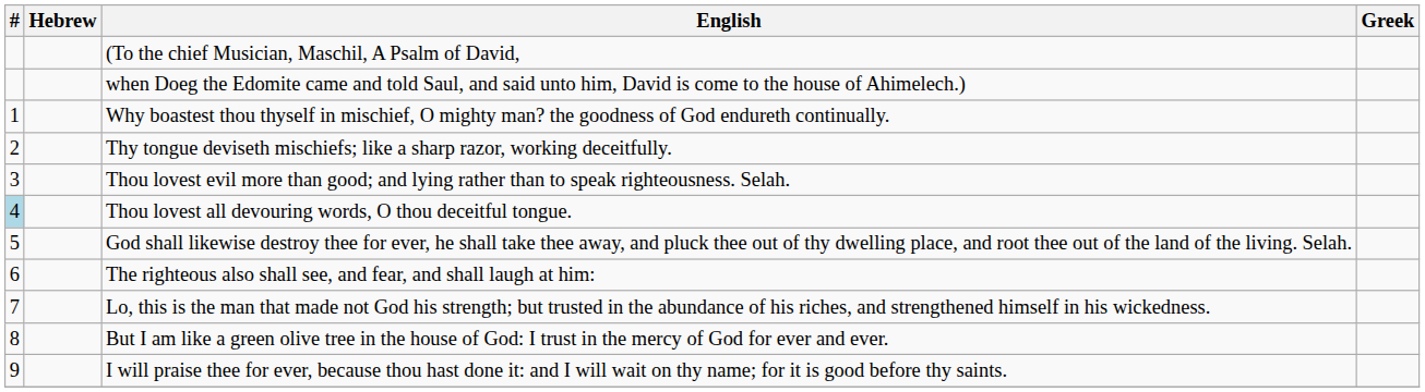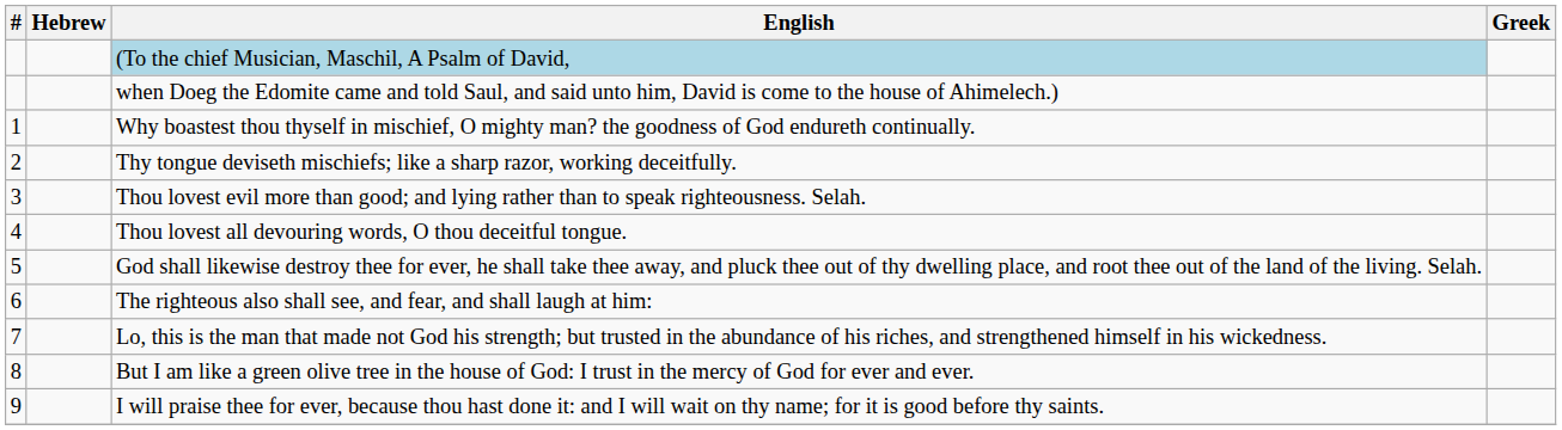 <table class=wikitable>
 <tr>
 <th>#</th>
 <th>Hebrew</th>
 <th>English</th>
 <th>Greek</th>
 </tr>
 <tr>
 <td style="text-align:right"></td>
 <td style="text-align:right"></td>
-<td>(To the chief Musician, Maschil, A Psalm of David,</td>
+<td style="background: lightblue;">(To the chief Musician, Maschil, A Psalm of David,</td>
 <td></td>
 </tr>
 <tr>
 <td style="text-align:right"></td>
 <td style="text-align:right"></td>
 <td>when Doeg the Edomite came and told Saul, and said unto him, David is come to the house of Ahimelech.)</td>
 <td></td>
 </tr>
 <tr>
 <td style="text-align:right">1</td>
 <td style="text-align:right"></td>
 <td>Why boastest thou thyself in mischief, O mighty man? the goodness of God endureth continually.</td>
 <td></td>
 </tr>
 <tr>
 <td style="text-align:right">2</td>
 <td style="text-align:right"></td>
 <td>Thy tongue deviseth mischiefs; like a sharp razor, working deceitfully.</td>
 <td></td>
 </tr>
 <tr>
 <td style="text-align:right">3</td>
 <td style="text-align:right"></td>
 <td>Thou lovest evil more than good; and lying rather than to speak righteousness. Selah.</td>
 <td></td>
 </tr>
 <tr>
-<td style="background: lightblue; text-align:right">4</td>
+<td style="text-align:right">4</td>
 <td style="text-align:right"></td>
 <td>Thou lovest all devouring words, O thou deceitful tongue.</td>
 <td></td>
 </tr>
 <tr>
 <td style="text-align:right">5</td>
 <td style="text-align:right"></td>
 <td>God shall likewise destroy thee for ever, he shall take thee away, and pluck thee out of thy dwelling place, and root thee out of the land of the living. Selah.</td>
 <td></td>
 </tr>
 <tr>
 <td style="text-align:right">6</td>
 <td style="text-align:right"></td>
 <td>The righteous also shall see, and fear, and shall laugh at him:</td>
 <td></td>
 </tr>
 <tr>
 <td style="text-align:right">7</td>
 <td style="text-align:right"></td>
 <td>Lo, this is the man that made not God his strength; but trusted in the abundance of his riches, and strengthened himself in his wickedness.</td>
 <td></td>
 </tr>
 <tr>
 <td style="text-align:right">8</td>
 <td style="text-align:right"></td>
 <td>But I am like a green olive tree in the house of God: I trust in the mercy of God for ever and ever.</td>
 <td></td>
 </tr>
 <tr>
 <td style="text-align:right">9</td>
 <td style="text-align:right"></td>
 <td>I will praise thee for ever, because thou hast done it: and I will wait on thy name; for it is good before thy saints.</td>
 <td></td>
 </tr>
 <tr>
 </tr>
 </table>
